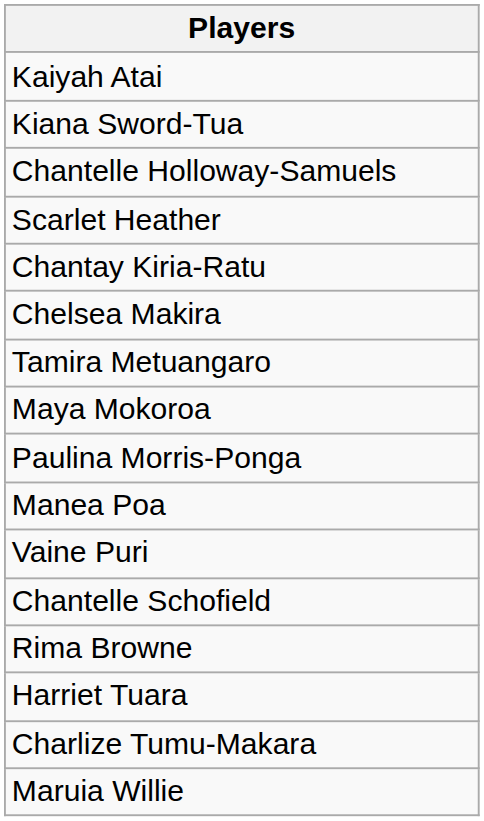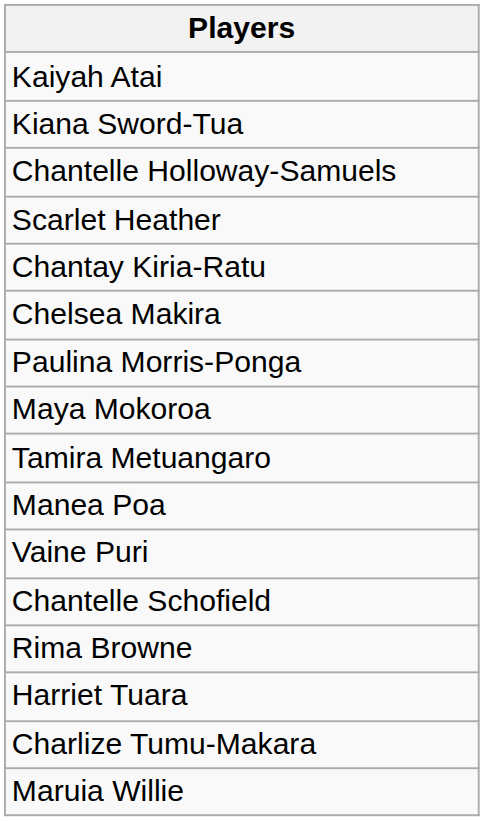 <table class="wikitable" style="width:20%">
 <tr>
 <th>Players</th>
 </tr>
 <tr>
 <td>Kaiyah Atai</td>
 </tr>
 <tr>
 <td>Kiana Sword-Tua</td>
 </tr>
 <tr>
 <td>Chantelle Holloway-Samuels</td>
 </tr>
 <tr>
 <td>Scarlet Heather</td>
 </tr>
 <tr>
 <td>Chantay Kiria-Ratu</td>
 </tr>
 <tr>
 <td>Chelsea Makira</td>
 </tr>
 <tr>
-<td>Tamira Metuangaro</td>
+<td>Paulina Morris-Ponga</td>
 </tr>
 <tr>
 <td>Maya Mokoroa</td>
 </tr>
 <tr>
-<td>Paulina Morris-Ponga</td>
+<td>Tamira Metuangaro</td>
 </tr>
 <tr>
 <td>Manea Poa</td>
 </tr>
 <tr>
 <td>Vaine Puri</td>
 </tr>
 <tr>
 <td>Chantelle Schofield</td>
 </tr>
 <tr>
 <td>Rima Browne</td>
 </tr>
 <tr>
 <td>Harriet Tuara</td>
 </tr>
 <tr>
 <td>Charlize Tumu-Makara</td>
 </tr>
 <tr>
 <td>Maruia Willie</td>
 </tr>
 </table>
